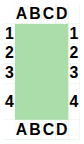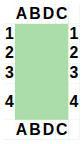 <table class="floatright" style="text-align:center;border-spacing:0px;background:#ada;">
 <tr style="background:#fff;">
 <th> </th>
 <th>A</th>
 <th>B</th>
+<th>D</th>
 <th>C</th>
-<th>D</th>
 <th> </th>
 </tr>
 <tr>
 <th style="background:#fff;">1</th>
 <td></td>
 <td></td>
 <td></td>
 <td></td>
 <th style="background:#fff;">1</th>
 </tr>
 <tr>
 <th style="background:#fff;">2</th>
 <td></td>
 <td></td>
 <td></td>
 <td></td>
 <th style="background:#fff;">2</th>
 </tr>
 <tr>
 <th style="background:#fff;">3</th>
 <td></td>
 <td></td>
 <td></td>
 <td></td>
 <th style="background:#fff;">3</th>
 </tr>
 <tr>
 <th style="background:#fff;">4</th>
 <td style="height:35px;"></td>
 <td></td>
 <td></td>
 <td></td>
 <th style="background:#fff;">4</th>
 </tr>
 <tr style="background:#fff;">
 <th> </th>
 <th>A</th>
 <th>B</th>
+<th>D</th>
 <th>C</th>
-<th>D</th>
 <th> </th>
 </tr>
 </table>
